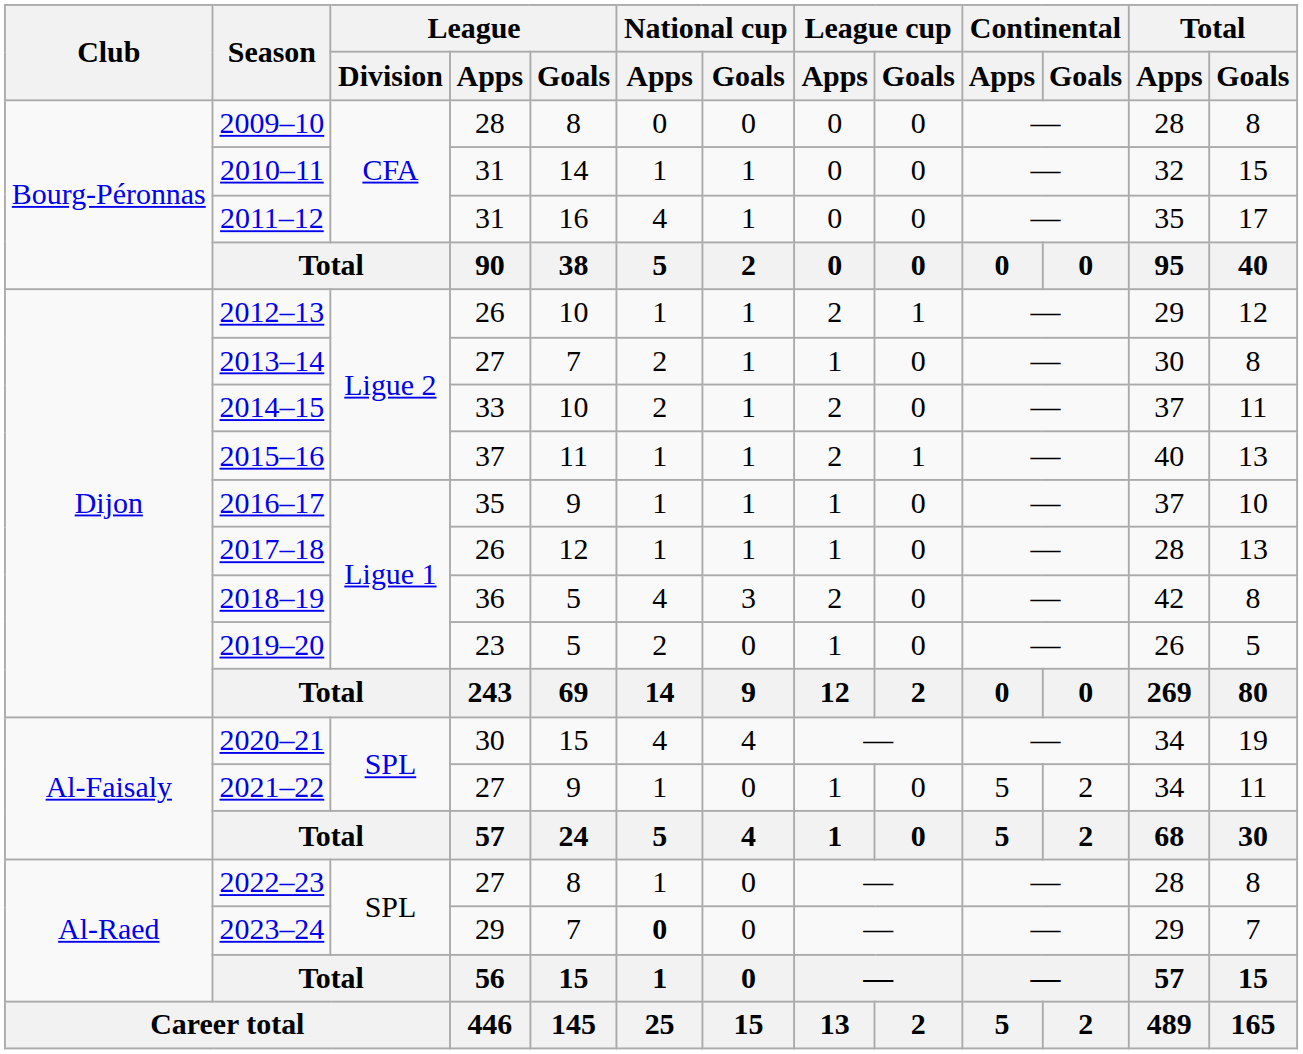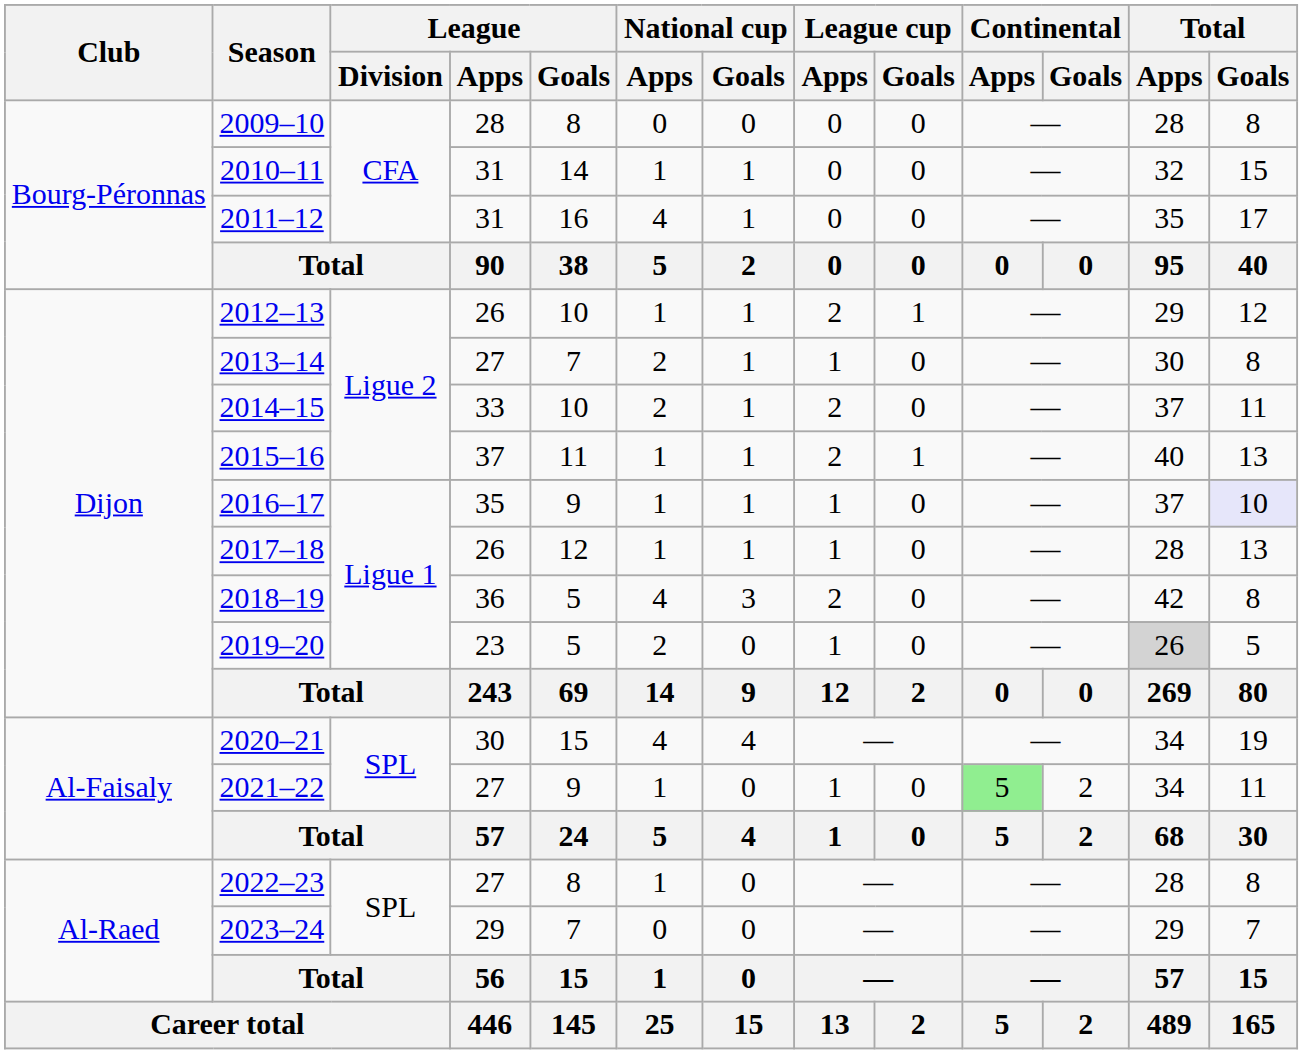 <table class="wikitable" style="text-align: center">
 <tr>
 <th rowspan="2">Club</th>
 <th rowspan="2">Season</th>
 <th colspan="3">League</th>
 <th colspan="2">National cup</th>
 <th colspan="2">League cup</th>
 <th colspan="2">Continental</th>
 <th colspan="2">Total</th>
 </tr>
 <tr>
 <th>Division</th>
 <th>Apps</th>
 <th>Goals</th>
 <th>Apps</th>
 <th>Goals</th>
 <th>Apps</th>
 <th>Goals</th>
 <th>Apps</th>
 <th>Goals</th>
 <th>Apps</th>
 <th>Goals</th>
 </tr>
 <tr>
 <td rowspan="4"><a href='#'>Bourg-Péronnas</a></td>
 <td><a href='#'>2009–10</a></td>
 <td rowspan="3"><a href='#'>CFA</a></td>
 <td>28</td>
 <td>8</td>
 <td>0</td>
 <td>0</td>
 <td>0</td>
 <td>0</td>
 <td colspan="2">—</td>
 <td>28</td>
 <td>8</td>
 </tr>
 <tr>
 <td><a href='#'>2010–11</a></td>
 <td>31</td>
 <td>14</td>
 <td>1</td>
 <td>1</td>
 <td>0</td>
 <td>0</td>
 <td colspan="2">—</td>
 <td>32</td>
 <td>15</td>
 </tr>
 <tr>
 <td><a href='#'>2011–12</a></td>
 <td>31</td>
 <td>16</td>
 <td>4</td>
 <td>1</td>
 <td>0</td>
 <td>0</td>
 <td colspan="2">—</td>
 <td>35</td>
 <td>17</td>
 </tr>
 <tr>
 <th colspan="2">Total</th>
 <th>90</th>
 <th>38</th>
 <th>5</th>
 <th>2</th>
 <th>0</th>
 <th>0</th>
 <th>0</th>
 <th>0</th>
 <th>95</th>
 <th>40</th>
 </tr>
 <tr>
 <td rowspan="9"><a href='#'>Dijon</a></td>
 <td><a href='#'>2012–13</a></td>
 <td rowspan=4><a href='#'>Ligue 2</a></td>
 <td>26</td>
 <td>10</td>
 <td>1</td>
 <td>1</td>
 <td>2</td>
 <td>1</td>
 <td colspan="2">—</td>
 <td>29</td>
 <td>12</td>
 </tr>
 <tr>
 <td><a href='#'>2013–14</a></td>
 <td>27</td>
 <td>7</td>
 <td>2</td>
 <td>1</td>
 <td>1</td>
 <td>0</td>
 <td colspan="2">—</td>
 <td>30</td>
 <td>8</td>
 </tr>
 <tr>
 <td><a href='#'>2014–15</a></td>
 <td>33</td>
 <td>10</td>
 <td>2</td>
 <td>1</td>
 <td>2</td>
 <td>0</td>
 <td colspan="2">—</td>
 <td>37</td>
 <td>11</td>
 </tr>
 <tr>
 <td><a href='#'>2015–16</a></td>
 <td>37</td>
 <td>11</td>
 <td>1</td>
 <td>1</td>
 <td>2</td>
 <td>1</td>
 <td colspan="2">—</td>
 <td>40</td>
 <td>13</td>
 </tr>
 <tr>
 <td><a href='#'>2016–17</a></td>
 <td rowspan="4"><a href='#'>Ligue 1</a></td>
 <td>35</td>
 <td>9</td>
 <td>1</td>
 <td>1</td>
 <td>1</td>
 <td>0</td>
 <td colspan="2">—</td>
 <td>37</td>
-<td>10</td>
+<td style="background: lavender;">10</td>
 </tr>
 <tr>
 <td><a href='#'>2017–18</a></td>
 <td>26</td>
 <td>12</td>
 <td>1</td>
 <td>1</td>
 <td>1</td>
 <td>0</td>
 <td colspan="2">—</td>
 <td>28</td>
 <td>13</td>
 </tr>
 <tr>
 <td><a href='#'>2018–19</a></td>
 <td>36</td>
 <td>5</td>
 <td>4</td>
 <td>3</td>
 <td>2</td>
 <td>0</td>
 <td colspan="2">—</td>
 <td>42</td>
 <td>8</td>
 </tr>
 <tr>
 <td><a href='#'>2019–20</a></td>
 <td>23</td>
 <td>5</td>
 <td>2</td>
 <td>0</td>
 <td>1</td>
 <td>0</td>
 <td colspan="2">—</td>
-<td>26</td>
+<td style="background: lightgrey;">26</td>
 <td>5</td>
 </tr>
 <tr>
 <th colspan="2">Total</th>
 <th>243</th>
 <th>69</th>
 <th>14</th>
 <th>9</th>
 <th>12</th>
 <th>2</th>
 <th>0</th>
 <th>0</th>
 <th>269</th>
 <th>80</th>
 </tr>
 <tr>
 <td rowspan="3"><a href='#'>Al-Faisaly</a></td>
 <td><a href='#'>2020–21</a></td>
 <td rowspan="2"><a href='#'>SPL</a></td>
 <td>30</td>
 <td>15</td>
 <td>4</td>
 <td>4</td>
 <td colspan="2">—</td>
 <td colspan="2">—</td>
 <td>34</td>
 <td>19</td>
 </tr>
 <tr>
 <td><a href='#'>2021–22</a></td>
 <td>27</td>
 <td>9</td>
 <td>1</td>
 <td>0</td>
 <td>1</td>
 <td>0</td>
-<td>5</td>
+<td style="background: lightgreen;">5</td>
 <td>2</td>
 <td>34</td>
 <td>11</td>
 </tr>
 <tr>
 <th colspan="2">Total</th>
 <th>57</th>
 <th>24</th>
 <th>5</th>
 <th>4</th>
 <th>1</th>
 <th>0</th>
 <th>5</th>
 <th>2</th>
 <th>68</th>
 <th>30</th>
 </tr>
 <tr>
 <td rowspan="3"><a href='#'>Al-Raed</a></td>
 <td><a href='#'>2022–23</a></td>
 <td rowspan="2">SPL</td>
 <td>27</td>
 <td>8</td>
 <td>1</td>
 <td>0</td>
 <td colspan="2">—</td>
 <td colspan="2">—</td>
 <td>28</td>
 <td>8</td>
 </tr>
 <tr>
 <td><a href='#'>2023–24</a></td>
 <td>29</td>
 <td>7</td>
-<td><strong>0</strong></td>
+<td>0</td>
 <td>0</td>
 <td colspan="2">—</td>
 <td colspan="2">—</td>
 <td>29</td>
 <td>7</td>
 </tr>
 <tr>
 <th colspan="2">Total</th>
 <th>56</th>
 <th>15</th>
 <th>1</th>
 <th>0</th>
 <th colspan="2">—</th>
 <th colspan="2">—</th>
 <th>57</th>
 <th>15</th>
 </tr>
 <tr>
 <th colspan="3">Career total</th>
 <th>446</th>
 <th>145</th>
 <th>25</th>
 <th>15</th>
 <th>13</th>
 <th>2</th>
 <th>5</th>
 <th>2</th>
 <th>489</th>
 <th>165</th>
 </tr>
 </table>
